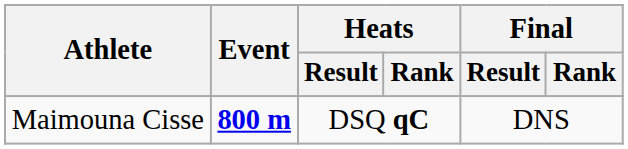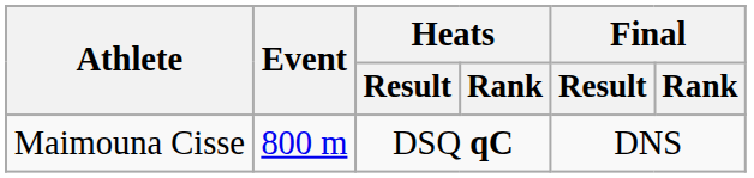 <table class="wikitable" style="font-size:90%">
 <tr>
 <th rowspan=2>Athlete</th>
 <th rowspan=2>Event</th>
 <th colspan=2>Heats</th>
 <th colspan=2>Final</th>
 </tr>
 <tr style="font-size:95%">
 <th>Result</th>
 <th>Rank</th>
 <th>Result</th>
 <th>Rank</th>
 </tr>
 <tr align=center>
 <td align=left>Maimouna Cisse</td>
-<td align=left><strong><a href='#'>800 m</a></strong></td>
+<td align=left><a href='#'>800 m</a></td>
 <td colspan=2>DSQ <strong>qC</strong></td>
 <td colspan=2>DNS</td>
 </tr>
 </table>
